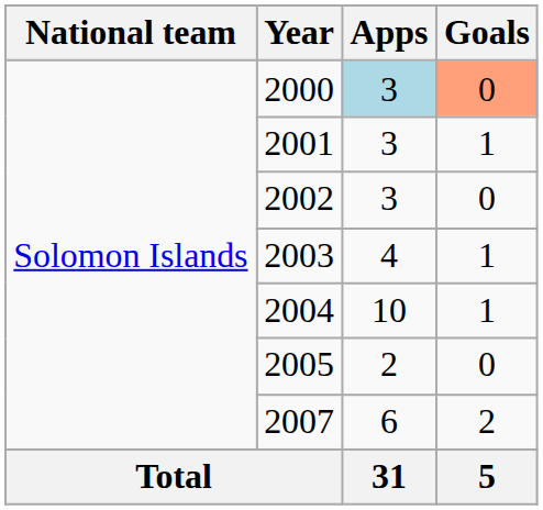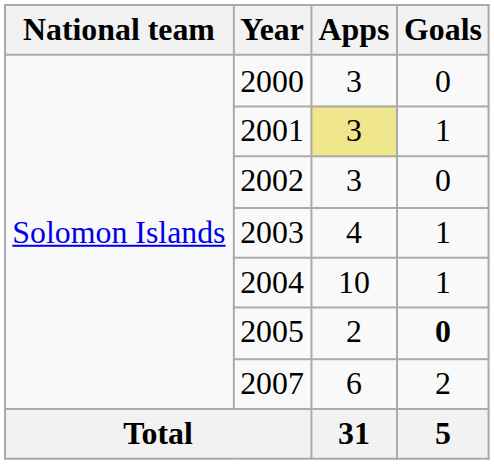 <table class="wikitable" style="text-align:center">
 <tr>
 <th>National team</th>
 <th>Year</th>
 <th>Apps</th>
 <th>Goals</th>
 </tr>
 <tr>
 <td rowspan="7"><a href='#'>Solomon Islands</a></td>
 <td>2000</td>
-<td style="background: lightblue;">3</td>
-<td style="background: lightsalmon;">0</td>
+<td>3</td>
+<td>0</td>
 </tr>
 <tr>
 <td>2001</td>
-<td>3</td>
+<td style="background: khaki;">3</td>
 <td>1</td>
 </tr>
 <tr>
 <td>2002</td>
 <td>3</td>
 <td>0</td>
 </tr>
 <tr>
 <td>2003</td>
 <td>4</td>
 <td>1</td>
 </tr>
 <tr>
 <td>2004</td>
 <td>10</td>
 <td>1</td>
 </tr>
 <tr>
 <td>2005</td>
 <td>2</td>
-<td>0</td>
+<td><strong>0</strong></td>
 </tr>
 <tr>
 <td>2007</td>
 <td>6</td>
 <td>2</td>
 </tr>
 <tr>
 <th colspan="2">Total</th>
 <th>31</th>
 <th>5</th>
 </tr>
 </table>
